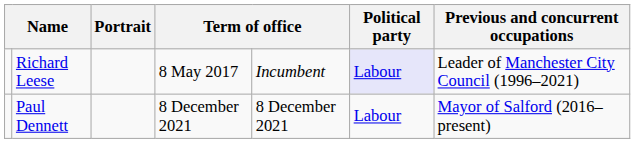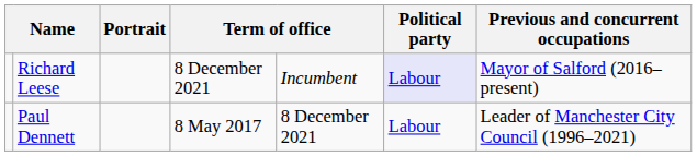 <table class="wikitable">
 <tr>
 <th colspan=2>Name</th>
 <th>Portrait</th>
 <th colspan=2>Term of office</th>
 <th>Political party</th>
 <th>Previous and concurrent occupations</th>
 </tr>
 <tr>
 <td style="background-color: "></td>
 <td><a href='#'>Richard Leese</a></td>
 <td></td>
-<td>8 May 2017</td>
+<td>8 December 2021</td>
 <td><em>Incumbent</em></td>
 <td style="background: lavender;"><a href='#'>Labour</a></td>
-<td>Leader of <a href='#'>Manchester City Council</a> (1996–2021)</td>
+<td><a href='#'>Mayor of Salford</a> (2016–present)</td>
 </tr>
 <tr>
 <td style="background-color: "></td>
 <td><a href='#'>Paul Dennett</a></td>
 <td></td>
-<td>8 December 2021</td>
+<td>8 May 2017</td>
 <td>8 December 2021</td>
 <td><a href='#'>Labour</a></td>
-<td><a href='#'>Mayor of Salford</a> (2016–present)</td>
+<td>Leader of <a href='#'>Manchester City Council</a> (1996–2021)</td>
 </tr>
 </table>
